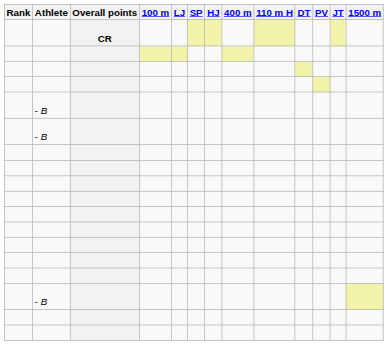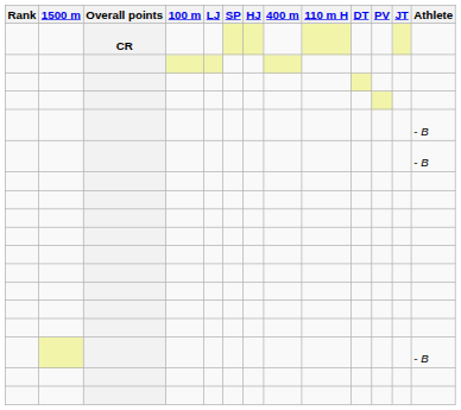 <table class="wikitable sortable" style="font-size:95%;">
 <tr>
 <th>Rank</th>
-<th>Athlete</th>
+<th><a href='#'>1500 m</a></th>
 <th>Overall points</th>
 <th><a href='#'>100 m</a></th>
 <th><a href='#'>LJ</a></th>
 <th><a href='#'>SP</a></th>
 <th><a href='#'>HJ</a></th>
 <th><a href='#'>400 m</a></th>
 <th><a href='#'>110 m H</a></th>
 <th><a href='#'>DT</a></th>
 <th><a href='#'>PV</a></th>
 <th><a href='#'>JT</a></th>
-<th><a href='#'>1500 m</a></th>
+<th>Athlete</th>
 </tr>
 <tr>
 <td align=center></td>
-<td align=left> <br></td>
+<td></td>
 <th><br>CR</th>
 <td></td>
 <td></td>
 <td bgcolor=#F2F5A9></td>
 <td bgcolor=#F2F5A9></td>
 <td></td>
 <td bgcolor=#F2F5A9></td>
 <td></td>
 <td></td>
 <td bgcolor=#F2F5A9></td>
-<td></td>
+<td align=left> <br></td>
 </tr>
 <tr>
 <td align=center></td>
-<td align=left> <br></td>
+<td></td>
 <th></th>
 <td bgcolor=#F2F5A9></td>
 <td bgcolor=#F2F5A9></td>
 <td></td>
 <td></td>
 <td bgcolor=#F2F5A9></td>
 <td></td>
 <td></td>
 <td></td>
 <td></td>
-<td></td>
+<td align=left> <br></td>
 </tr>
 <tr>
 <td align=center></td>
-<td align=left> <br></td>
+<td></td>
 <th></th>
 <td></td>
 <td></td>
 <td></td>
 <td></td>
 <td></td>
 <td></td>
 <td bgcolor=#F2F5A9></td>
 <td></td>
 <td></td>
-<td></td>
+<td align=left> <br></td>
 </tr>
 <tr>
 <td align=center></td>
-<td align=left> <br></td>
+<td></td>
 <th></th>
 <td></td>
 <td></td>
 <td></td>
 <td></td>
 <td></td>
 <td></td>
 <td></td>
 <td bgcolor=#F2F5A9></td>
 <td></td>
-<td></td>
+<td align=left> <br></td>
 </tr>
 <tr>
 <td align=center></td>
-<td align=left> <br> - <em>B</em></td>
+<td></td>
 <th></th>
 <td></td>
 <td></td>
 <td></td>
 <td></td>
 <td></td>
 <td></td>
 <td></td>
 <td></td>
 <td></td>
-<td></td>
+<td align=left> <br> - <em>B</em></td>
 </tr>
 <tr>
 <td align=center></td>
-<td align=left> <br> - <em>B</em></td>
+<td></td>
 <th></th>
 <td></td>
 <td></td>
 <td></td>
 <td></td>
 <td></td>
 <td></td>
 <td></td>
 <td></td>
 <td></td>
-<td></td>
+<td align=left> <br> - <em>B</em></td>
 </tr>
 <tr>
 <td align=center></td>
-<td align=left> <br></td>
+<td></td>
 <th></th>
 <td></td>
 <td></td>
 <td></td>
 <td></td>
 <td></td>
 <td></td>
 <td></td>
 <td></td>
 <td></td>
-<td></td>
+<td align=left> <br></td>
 </tr>
 <tr>
 <td align=center></td>
-<td align=left> <br></td>
+<td></td>
 <th></th>
 <td></td>
 <td></td>
 <td></td>
 <td></td>
 <td></td>
 <td></td>
 <td></td>
 <td></td>
 <td></td>
-<td></td>
+<td align=left> <br></td>
 </tr>
 <tr>
 <td align=center></td>
-<td align=left> <br></td>
+<td></td>
 <th></th>
 <td></td>
 <td></td>
 <td></td>
 <td></td>
 <td></td>
 <td></td>
 <td></td>
 <td></td>
 <td></td>
-<td></td>
+<td align=left> <br></td>
 </tr>
 <tr>
 <td align=center></td>
-<td align=left> <br></td>
+<td></td>
 <th></th>
 <td></td>
 <td></td>
 <td></td>
 <td></td>
 <td></td>
 <td></td>
 <td></td>
 <td></td>
 <td></td>
-<td></td>
+<td align=left> <br></td>
 </tr>
 <tr>
 <td align=center></td>
-<td align=left> <br></td>
+<td></td>
 <th></th>
 <td></td>
 <td></td>
 <td></td>
 <td></td>
 <td></td>
 <td></td>
 <td></td>
 <td></td>
 <td></td>
-<td></td>
+<td align=left> <br></td>
 </tr>
 <tr>
 <td align=center></td>
-<td align=left> <br></td>
+<td></td>
 <th></th>
 <td></td>
 <td></td>
 <td></td>
 <td></td>
 <td></td>
 <td></td>
 <td></td>
 <td></td>
 <td></td>
-<td></td>
+<td align=left> <br></td>
 </tr>
 <tr>
 <td align=center></td>
-<td align=left> <br></td>
+<td></td>
 <th></th>
 <td></td>
 <td></td>
 <td></td>
 <td></td>
 <td></td>
 <td></td>
 <td></td>
 <td></td>
 <td></td>
-<td></td>
+<td align=left> <br></td>
 </tr>
 <tr>
 <td align=center></td>
-<td align=left> <br></td>
+<td></td>
 <th></th>
 <td></td>
 <td></td>
 <td></td>
 <td></td>
 <td></td>
 <td></td>
 <td></td>
 <td></td>
 <td></td>
-<td></td>
+<td align=left> <br></td>
 </tr>
 <tr>
 <td align=center></td>
-<td align=left> <br></td>
+<td></td>
 <th></th>
 <td></td>
 <td></td>
 <td></td>
 <td></td>
 <td></td>
 <td></td>
 <td></td>
 <td></td>
 <td></td>
-<td></td>
+<td align=left> <br></td>
 </tr>
 <tr>
 <td align=center></td>
-<td align=left> <br> - <em>B</em></td>
+<td bgcolor=#F2F5A9></td>
 <th></th>
 <td></td>
 <td></td>
 <td></td>
 <td></td>
 <td></td>
 <td></td>
 <td></td>
 <td></td>
 <td></td>
-<td bgcolor=#F2F5A9></td>
+<td align=left> <br> - <em>B</em></td>
 </tr>
 <tr>
 <td align=center></td>
-<td align=left> <br></td>
+<td></td>
 <th></th>
 <td></td>
 <td></td>
 <td></td>
 <td></td>
 <td></td>
 <td></td>
 <td></td>
 <td></td>
 <td></td>
-<td></td>
+<td align=left> <br></td>
 </tr>
 <tr>
 <td align=center></td>
-<td align=left> <br></td>
+<td></td>
 <th></th>
 <td></td>
 <td></td>
 <td></td>
 <td></td>
 <td></td>
 <td></td>
 <td></td>
 <td></td>
 <td></td>
-<td></td>
+<td align=left> <br></td>
 </tr>
 </table>
